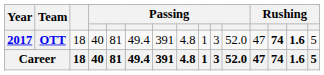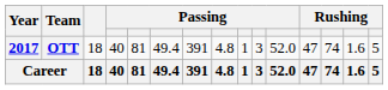 <table class="wikitable" style="text-align:center;">
 <tr>
 <th rowspan="2">Year</th>
 <th rowspan="2">Team</th>
 <th rowspan="2"></th>
 <th colspan="8">Passing</th>
 <th colspan="4">Rushing</th>
 </tr>
 <tr>
 <th></th>
 <th></th>
 <th></th>
 <th></th>
 <th></th>
 <th></th>
 <th></th>
 <th></th>
 <th></th>
 <th></th>
 <th></th>
 <th></th>
 </tr>
 <tr>
 <th><a href='#'>2017</a></th>
 <th><a href='#'>OTT</a></th>
 <td>18</td>
 <td>40</td>
 <td>81</td>
 <td>49.4</td>
 <td>391</td>
 <td>4.8</td>
 <td>1</td>
 <td>3</td>
 <td>52.0</td>
 <td>47</td>
-<td><strong>74</strong></td>
-<td><strong>1.6</strong></td>
+<td>74</td>
+<td>1.6</td>
 <td>5</td>
 </tr>
 <tr>
 <th colspan="2">Career</th>
 <th>18</th>
 <th>40</th>
 <th>81</th>
 <th>49.4</th>
 <th>391</th>
 <th>4.8</th>
 <th>1</th>
 <th>3</th>
 <th>52.0</th>
 <th>47</th>
 <th>74</th>
 <th>1.6</th>
 <th>5</th>
 </tr>
 </table>
